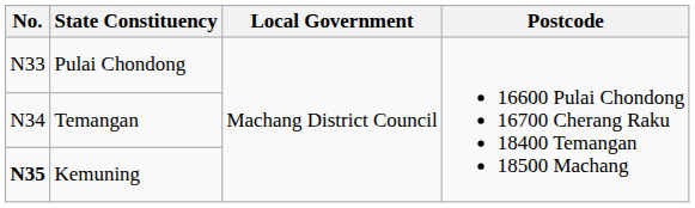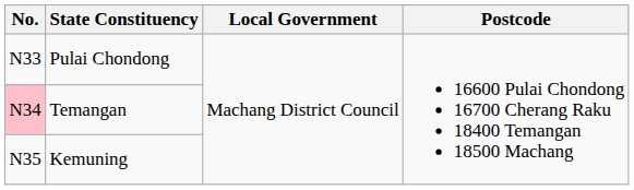 <table class="wikitable">
 <tr>
 <th>No.</th>
 <th>State Constituency</th>
 <th>Local Government</th>
 <th>Postcode</th>
 </tr>
 <tr>
 <td>N33</td>
 <td>Pulai Chondong</td>
 <td rowspan="3">Machang District Council</td>
 <td rowspan="3"><br><ul><li>16600 Pulai Chondong</li><li>16700 Cherang Raku</li><li>18400 Temangan</li><li>18500 Machang</li></ul></td>
 </tr>
 <tr>
-<td>N34</td>
+<td style="background: pink;">N34</td>
 <td>Temangan</td>
 </tr>
 <tr>
-<td><strong>N35</strong></td>
+<td>N35</td>
 <td>Kemuning</td>
 </tr>
 </table>
